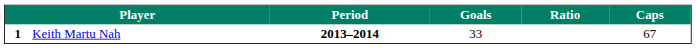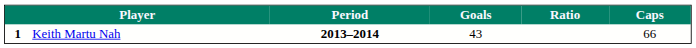 <table align="left" cellpadding="2" cellspacing="0"  style="margin: 1em 0; border: 1px solid #000000; border-right-width: 1px; border-bottom-width: 1px; background-color:#FFFFFD; width:64%; font-size: 95%;">
 <tr style="background:white;">
 </tr>
 <tr style="background:#007F66; color:#F8F8FF;">
 <th colspan=2 align="center">Player</th>
 <th align="center" abbr="Period">Period</th>
 <th align="center">Goals</th>
 <th align="center">Ratio</th>
 <th align="center">Caps</th>
 </tr>
 <tr>
 <th>1</th>
 <td> <a href='#'>Keith Martu Nah</a></td>
 <td align="center"><strong>2013–2014</strong></td>
-<td align="center">33</td>
+<td align="center">43</td>
 <td></td>
-<td align="center">67</td>
+<td align="center">66</td>
 </tr>
 <tr style="background:white;"|>
 </tr>
 </table>
